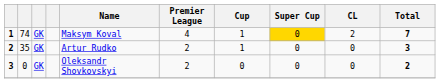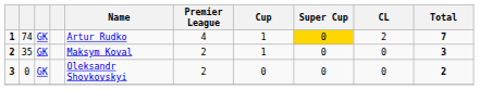 <table class="wikitable" style="text-align:center">
 <tr>
 <th width=15></th>
 <th width=15></th>
 <th width=15></th>
 <th width=15></th>
 <th width=150>Name</th>
 <th width=80>Premier League</th>
 <th width=80>Cup</th>
 <th width=80>Super Cup</th>
 <th width=80>CL</th>
 <th width=80>Total</th>
 </tr>
 <tr>
 <td><strong>1</strong></td>
 <td>74</td>
 <td><a href='#'>GK</a></td>
 <td></td>
-<td align=left><a href='#'>Maksym Koval</a></td>
+<td align=left><a href='#'>Artur Rudko</a></td>
 <td>4</td>
 <td>1</td>
 <td style="background: gold;">0</td>
 <td>2</td>
 <td><strong>7</strong></td>
 </tr>
 <tr>
 <td><strong>2</strong></td>
 <td>35</td>
 <td><a href='#'>GK</a></td>
 <td></td>
-<td align=left><a href='#'>Artur Rudko</a></td>
+<td align=left><a href='#'>Maksym Koval</a></td>
 <td>2</td>
 <td>1</td>
 <td>0</td>
 <td>0</td>
 <td><strong>3</strong></td>
 </tr>
 <tr>
 <td><strong>3</strong></td>
 <td>0</td>
 <td><a href='#'>GK</a></td>
 <td></td>
 <td align=left><a href='#'>Oleksandr Shovkovskyi</a></td>
 <td>2</td>
 <td>0</td>
 <td>0</td>
 <td>0</td>
 <td><strong>2</strong></td>
 </tr>
 <tr>
 </tr>
 </table>
